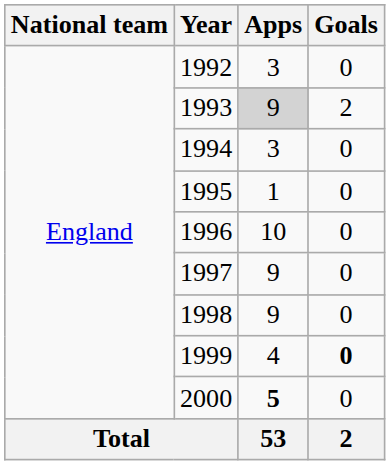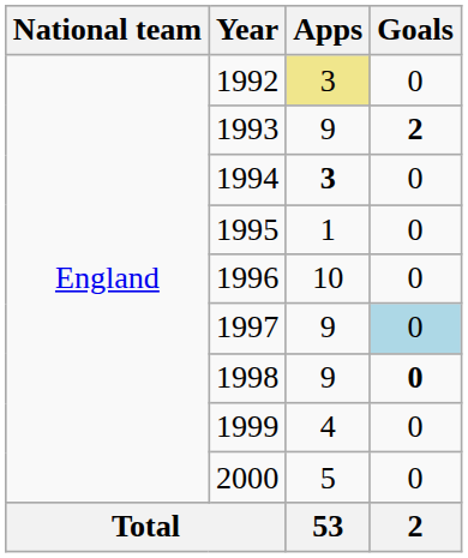 <table class="wikitable" style="text-align:center">
 <tr>
 <th>National team</th>
 <th>Year</th>
 <th>Apps</th>
 <th>Goals</th>
 </tr>
 <tr>
 <td rowspan="9"><a href='#'>England</a></td>
 <td>1992</td>
-<td>3</td>
+<td style="background: khaki;">3</td>
 <td>0</td>
 </tr>
 <tr>
 <td>1993</td>
-<td style="background: lightgrey;">9</td>
-<td>2</td>
+<td>9</td>
+<td><strong>2</strong></td>
 </tr>
 <tr>
 <td>1994</td>
-<td>3</td>
+<td><strong>3</strong></td>
 <td>0</td>
 </tr>
 <tr>
 <td>1995</td>
 <td>1</td>
 <td>0</td>
 </tr>
 <tr>
 <td>1996</td>
 <td>10</td>
 <td>0</td>
 </tr>
 <tr>
 <td>1997</td>
 <td>9</td>
-<td>0</td>
+<td style="background: lightblue;">0</td>
 </tr>
 <tr>
 <td>1998</td>
 <td>9</td>
-<td>0</td>
+<td><strong>0</strong></td>
 </tr>
 <tr>
 <td>1999</td>
 <td>4</td>
-<td><strong>0</strong></td>
+<td>0</td>
 </tr>
 <tr>
 <td>2000</td>
-<td><strong>5</strong></td>
+<td>5</td>
 <td>0</td>
 </tr>
 <tr>
 <th colspan="2">Total</th>
 <th>53</th>
 <th>2</th>
 </tr>
 </table>
